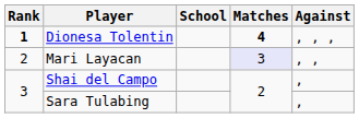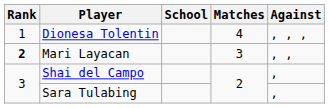 <table class="wikitable" style="text-align:center">
 <tr>
 <th>Rank</th>
 <th>Player</th>
 <th>School</th>
 <th>Matches</th>
 <th>Against</th>
 </tr>
 <tr>
-<td><strong>1</strong></td>
+<td>1</td>
 <td align="left"> <a href='#'>Dionesa Tolentin</a></td>
 <td align="left"></td>
-<td><strong>4</strong></td>
+<td>4</td>
 <td align="left">, , , </td>
 </tr>
 <tr>
-<td>2</td>
+<td><strong>2</strong></td>
 <td align="left"> Mari Layacan</td>
 <td align="left"></td>
-<td style="background: lavender;">3</td>
+<td>3</td>
 <td align="left">, , </td>
 </tr>
 <tr>
 <td rowspan=2>3</td>
 <td align="left"> <a href='#'>Shai del Campo</a></td>
 <td align="left"></td>
 <td rowspan=2>2</td>
 <td align="left">, </td>
 </tr>
 <tr>
 <td align="left"> Sara Tulabing</td>
 <td align="left"></td>
 <td align="left">, </td>
 </tr>
 </table>
